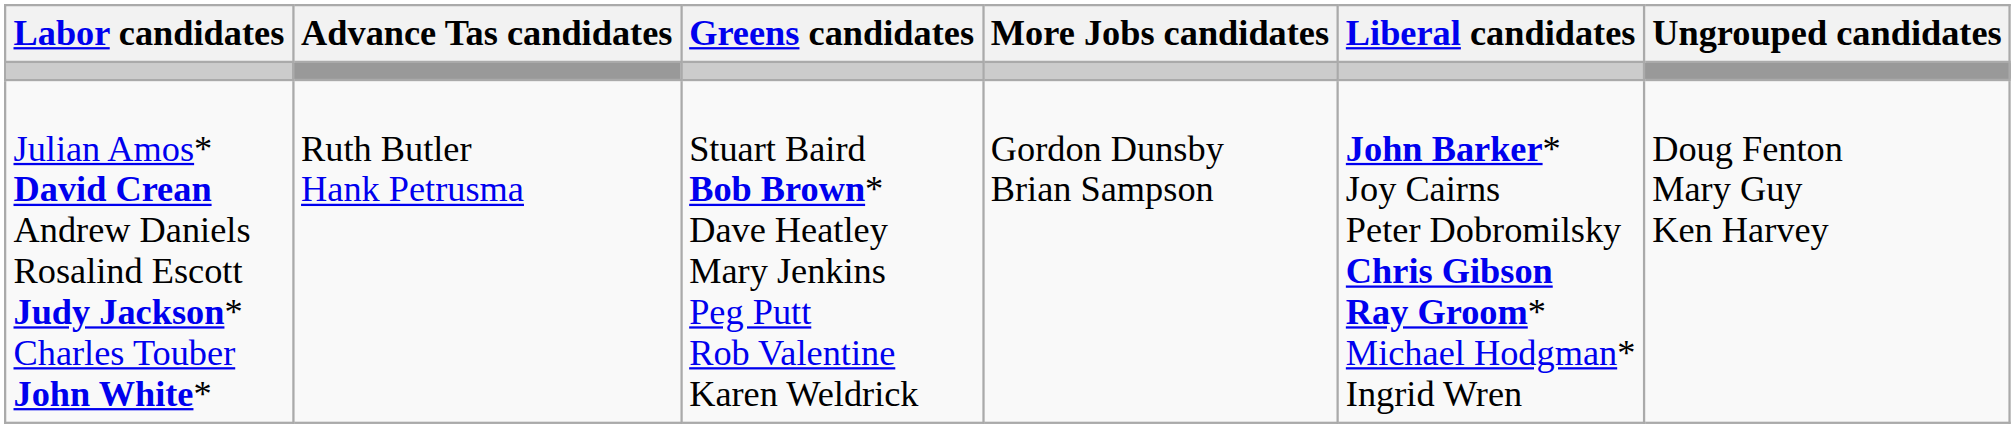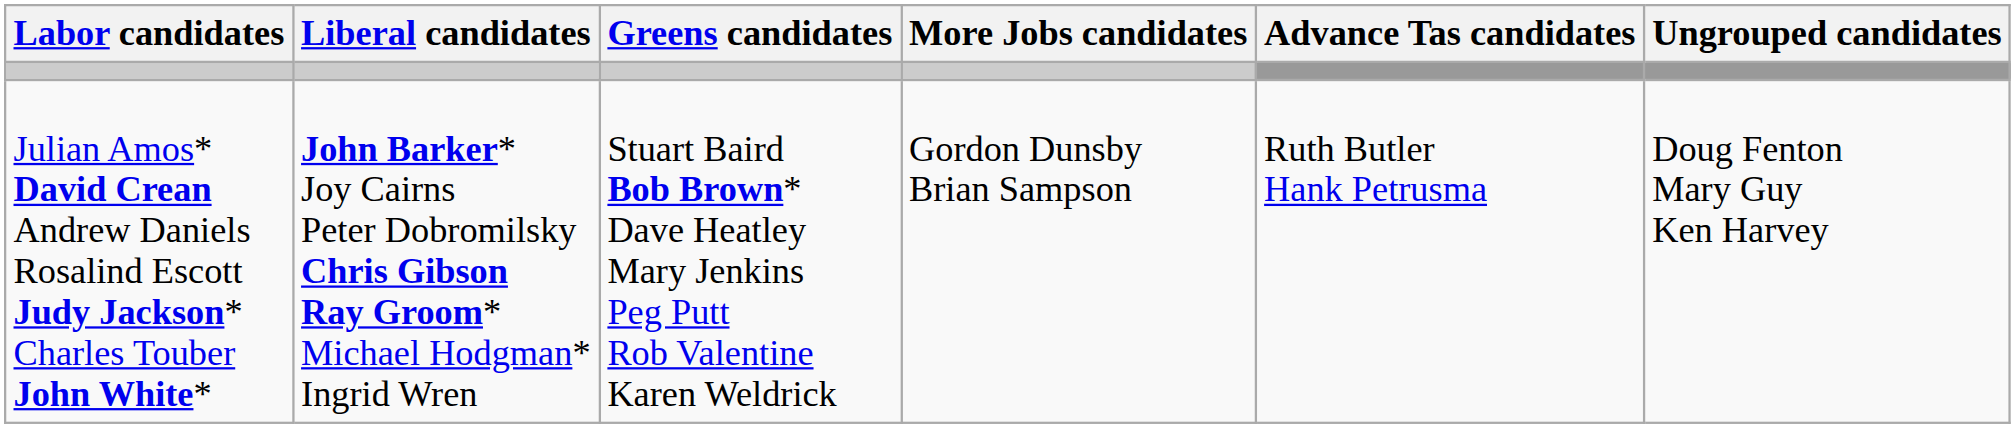 <table class="wikitable">
 <tr>
 <th><a href='#'>Labor</a> candidates</th>
-<th>Advance Tas candidates</th>
+<th><a href='#'>Liberal</a> candidates</th>
 <th><a href='#'>Greens</a> candidates</th>
 <th>More Jobs candidates</th>
-<th><a href='#'>Liberal</a> candidates</th>
+<th>Advance Tas candidates</th>
 <th>Ungrouped candidates</th>
 </tr>
 <tr bgcolor="#cccccc">
 <td></td>
-<td bgcolor="#999999"></td>
 <td></td>
 <td></td>
 <td></td>
 <td bgcolor="#999999"></td>
+<td bgcolor="#999999"></td>
 </tr>
 <tr>
 <td><br><a href='#'>Julian Amos</a>*<br> <strong><a href='#'>David Crean</a></strong><br> Andrew Daniels<br> Rosalind Escott<br> <strong><a href='#'>Judy Jackson</a></strong>*<br> <a href='#'>Charles Touber</a><br> <strong><a href='#'>John White</a></strong>*</td>
-<td valign=top><br>Ruth Butler<br> <a href='#'>Hank Petrusma</a></td>
+<td><br><strong><a href='#'>John Barker</a></strong>*<br> Joy Cairns<br> Peter Dobromilsky<br> <strong><a href='#'>Chris Gibson</a></strong><br> <strong><a href='#'>Ray Groom</a></strong>*<br> <a href='#'>Michael Hodgman</a>*<br> Ingrid Wren</td>
 <td><br>Stuart Baird<br> <strong><a href='#'>Bob Brown</a></strong>*<br> Dave Heatley<br> Mary Jenkins<br> <a href='#'>Peg Putt</a><br> <a href='#'>Rob Valentine</a><br> Karen Weldrick</td>
 <td valign=top><br>Gordon Dunsby<br> Brian Sampson</td>
-<td><br><strong><a href='#'>John Barker</a></strong>*<br> Joy Cairns<br> Peter Dobromilsky<br> <strong><a href='#'>Chris Gibson</a></strong><br> <strong><a href='#'>Ray Groom</a></strong>*<br> <a href='#'>Michael Hodgman</a>*<br> Ingrid Wren</td>
+<td valign=top><br>Ruth Butler<br> <a href='#'>Hank Petrusma</a></td>
 <td valign=top><br>Doug Fenton<br> Mary Guy<br> Ken Harvey</td>
 </tr>
 </table>
